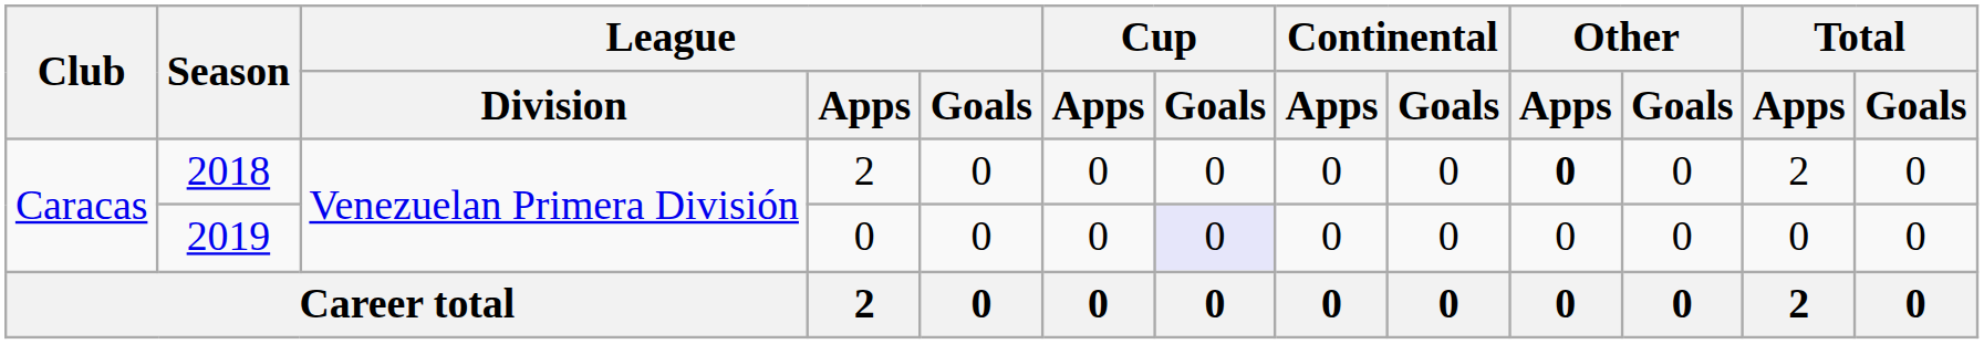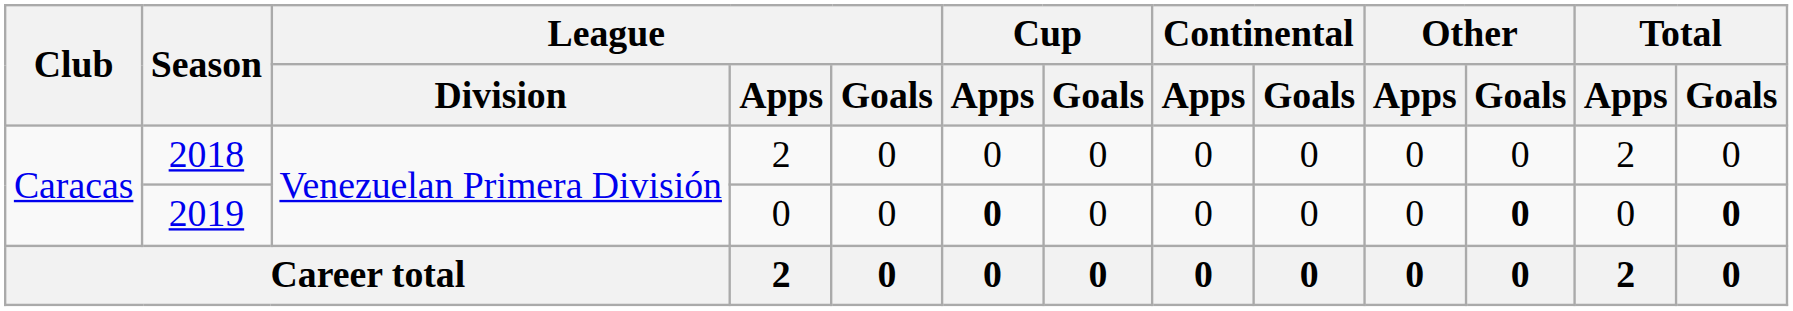 <table class="wikitable" style="text-align: center">
 <tr>
 <th rowspan="2">Club</th>
 <th rowspan="2">Season</th>
 <th colspan="3">League</th>
 <th colspan="2">Cup</th>
 <th colspan="2">Continental</th>
 <th colspan="2">Other</th>
 <th colspan="2">Total</th>
 </tr>
 <tr>
 <th>Division</th>
 <th>Apps</th>
 <th>Goals</th>
 <th>Apps</th>
 <th>Goals</th>
 <th>Apps</th>
 <th>Goals</th>
 <th>Apps</th>
 <th>Goals</th>
 <th>Apps</th>
 <th>Goals</th>
 </tr>
 <tr>
 <td rowspan="2"><a href='#'>Caracas</a></td>
 <td><a href='#'>2018</a></td>
 <td rowspan="2"><a href='#'>Venezuelan Primera División</a></td>
 <td>2</td>
 <td>0</td>
 <td>0</td>
 <td>0</td>
 <td>0</td>
 <td>0</td>
-<td><strong>0</strong></td>
+<td>0</td>
 <td>0</td>
 <td>2</td>
 <td>0</td>
 </tr>
 <tr>
 <td><a href='#'>2019</a></td>
 <td>0</td>
 <td>0</td>
-<td>0</td>
-<td style="background: lavender;">0</td>
+<td><strong>0</strong></td>
 <td>0</td>
 <td>0</td>
 <td>0</td>
 <td>0</td>
+<td><strong>0</strong></td>
 <td>0</td>
-<td>0</td>
+<td><strong>0</strong></td>
 </tr>
 <tr>
 <th colspan="3"><strong>Career total</strong></th>
 <th>2</th>
 <th>0</th>
 <th>0</th>
 <th>0</th>
 <th>0</th>
 <th>0</th>
 <th>0</th>
 <th>0</th>
 <th>2</th>
 <th>0</th>
 </tr>
 </table>
